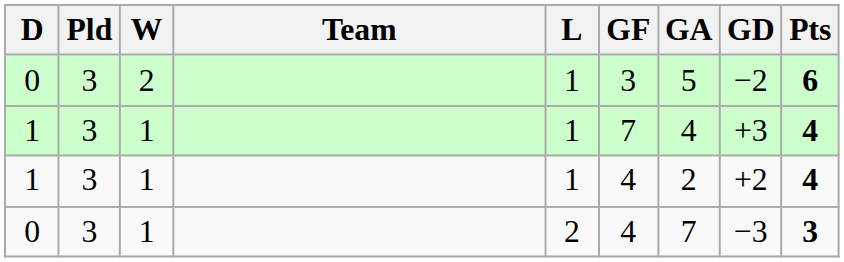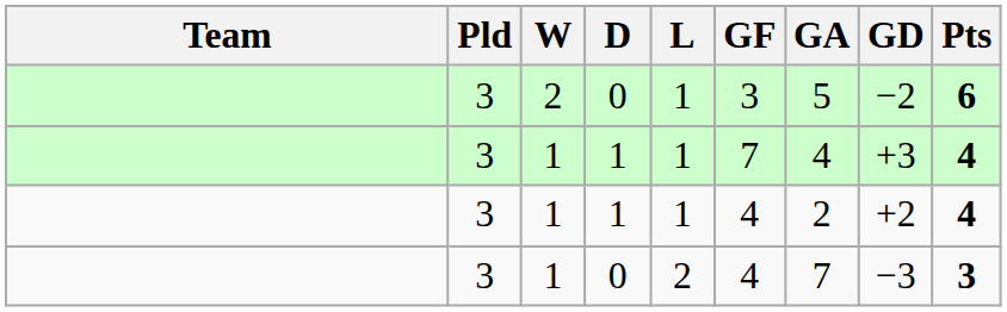 <table class="wikitable" style="text-align:center;">
 <tr>
-<th width=20>D</th>
+<th width=180>Team</th>
 <th width=20>Pld</th>
 <th width=20>W</th>
-<th width=180>Team</th>
+<th width=20>D</th>
 <th width=20>L</th>
 <th width=20>GF</th>
 <th width=20>GA</th>
 <th width=20>GD</th>
 <th width=20>Pts</th>
 </tr>
 <tr bgcolor=#ccffcc>
-<td>0</td>
+<td align="left"></td>
 <td>3</td>
 <td>2</td>
-<td align="left"></td>
+<td>0</td>
 <td>1</td>
 <td>3</td>
 <td>5</td>
 <td>−2</td>
 <td><strong>6</strong></td>
 </tr>
 <tr bgcolor=#ccffcc>
-<td>1</td>
+<td align="left"></td>
 <td>3</td>
 <td>1</td>
-<td align="left"></td>
+<td>1</td>
 <td>1</td>
 <td>7</td>
 <td>4</td>
 <td>+3</td>
 <td><strong>4</strong></td>
 </tr>
 <tr>
-<td>1</td>
+<td align="left"></td>
 <td>3</td>
 <td>1</td>
-<td align="left"></td>
+<td>1</td>
 <td>1</td>
 <td>4</td>
 <td>2</td>
 <td>+2</td>
 <td><strong>4</strong></td>
 </tr>
 <tr>
-<td>0</td>
+<td align="left"><em></em></td>
 <td>3</td>
 <td>1</td>
-<td align="left"><em></em></td>
+<td>0</td>
 <td>2</td>
 <td>4</td>
 <td>7</td>
 <td>−3</td>
 <td><strong>3</strong></td>
 </tr>
 </table>
